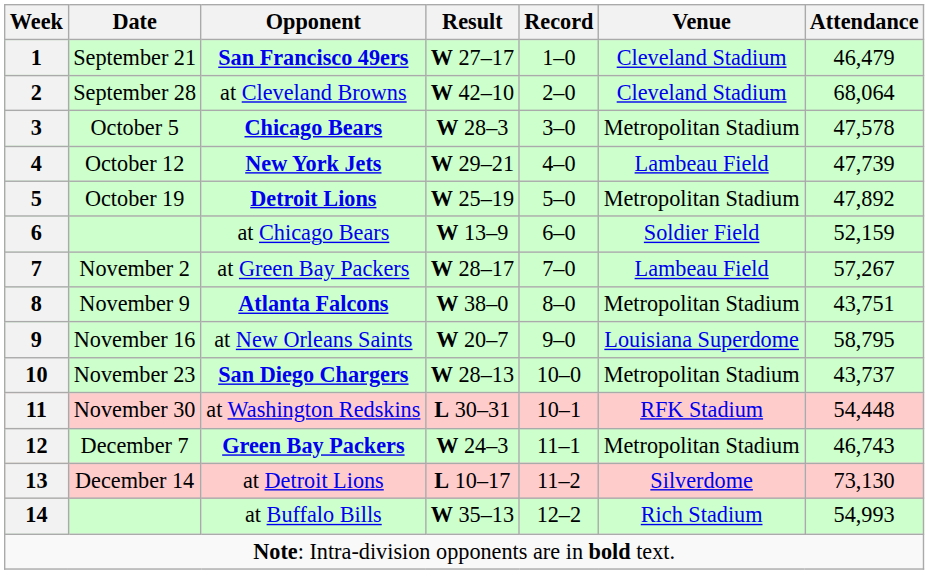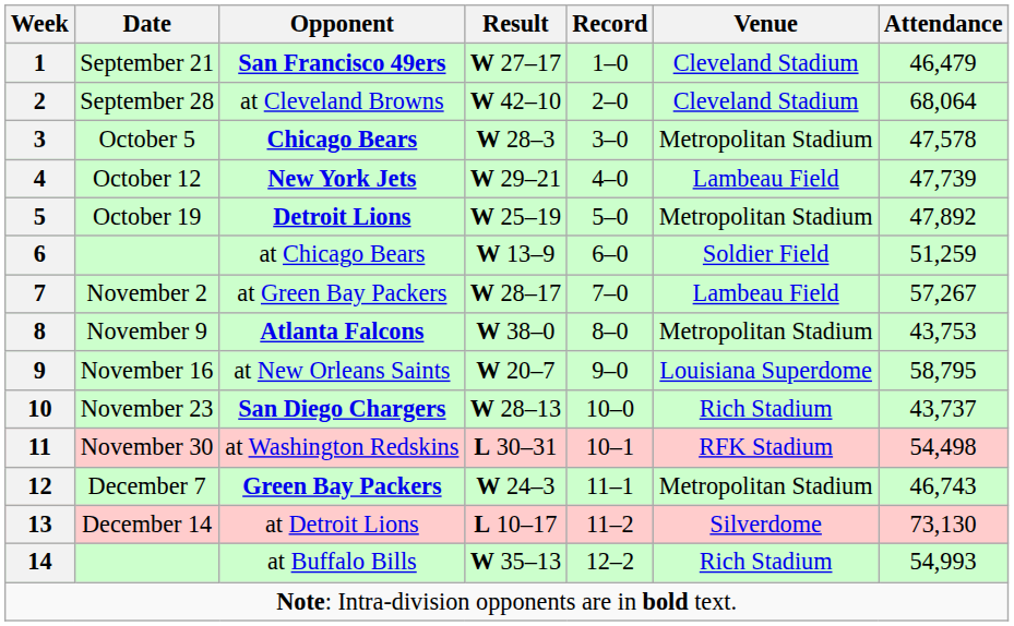 <table class="wikitable" style="text-align:center">
 <tr>
 <th>Week</th>
 <th>Date</th>
 <th>Opponent</th>
 <th>Result</th>
 <th>Record</th>
 <th>Venue</th>
 <th>Attendance</th>
 </tr>
 <tr style="background: #ccffcc">
 <th>1</th>
 <td>September 21</td>
 <td><strong><a href='#'>San Francisco 49ers</a></strong></td>
 <td><strong>W</strong> 27–17</td>
 <td>1–0</td>
 <td><a href='#'>Cleveland Stadium</a></td>
 <td>46,479</td>
 </tr>
 <tr style="background: #ccffcc">
 <th>2</th>
 <td>September 28</td>
 <td>at <a href='#'>Cleveland Browns</a></td>
 <td><strong>W</strong> 42–10</td>
 <td>2–0</td>
 <td><a href='#'>Cleveland Stadium</a></td>
 <td>68,064</td>
 </tr>
 <tr style="background: #ccffcc">
 <th>3</th>
 <td>October 5</td>
 <td><strong><a href='#'>Chicago Bears</a></strong></td>
 <td><strong>W</strong> 28–3</td>
 <td>3–0</td>
 <td>Metropolitan Stadium</td>
 <td>47,578</td>
 </tr>
 <tr style="background: #ccffcc">
 <th>4</th>
 <td>October 12</td>
 <td><strong><a href='#'>New York Jets</a></strong></td>
 <td><strong>W</strong> 29–21</td>
 <td>4–0</td>
 <td><a href='#'>Lambeau Field</a></td>
 <td>47,739</td>
 </tr>
 <tr style="background: #ccffcc">
 <th>5</th>
 <td>October 19</td>
 <td><strong><a href='#'>Detroit Lions</a></strong></td>
 <td><strong>W</strong> 25–19</td>
 <td>5–0</td>
 <td>Metropolitan Stadium</td>
 <td>47,892</td>
 </tr>
 <tr style="background: #ccffcc">
 <th>6</th>
 <td></td>
 <td>at <a href='#'>Chicago Bears</a></td>
 <td><strong>W</strong> 13–9</td>
 <td>6–0</td>
 <td><a href='#'>Soldier Field</a></td>
-<td>52,159</td>
+<td>51,259</td>
 </tr>
 <tr style="background: #ccffcc">
 <th>7</th>
 <td>November 2</td>
 <td>at <a href='#'>Green Bay Packers</a></td>
 <td><strong>W</strong> 28–17</td>
 <td>7–0</td>
 <td><a href='#'>Lambeau Field</a></td>
 <td>57,267</td>
 </tr>
 <tr style="background: #ccffcc">
 <th>8</th>
 <td>November 9</td>
 <td><strong><a href='#'>Atlanta Falcons</a></strong></td>
 <td><strong>W</strong> 38–0</td>
 <td>8–0</td>
 <td>Metropolitan Stadium</td>
-<td>43,751</td>
+<td>43,753</td>
 </tr>
 <tr style="background: #ccffcc">
 <th>9</th>
 <td>November 16</td>
 <td>at <a href='#'>New Orleans Saints</a></td>
 <td><strong>W</strong> 20–7</td>
 <td>9–0</td>
 <td><a href='#'>Louisiana Superdome</a></td>
 <td>58,795</td>
 </tr>
 <tr style="background: #ccffcc">
 <th>10</th>
 <td>November 23</td>
 <td><strong><a href='#'>San Diego Chargers</a></strong></td>
 <td><strong>W</strong> 28–13</td>
 <td>10–0</td>
-<td>Metropolitan Stadium</td>
+<td><a href='#'>Rich Stadium</a></td>
 <td>43,737</td>
 </tr>
 <tr style="background: #ffcccc">
 <th>11</th>
 <td>November 30</td>
 <td>at <a href='#'>Washington Redskins</a></td>
 <td><strong>L</strong> 30–31</td>
 <td>10–1</td>
 <td><a href='#'>RFK Stadium</a></td>
-<td>54,448</td>
+<td>54,498</td>
 </tr>
 <tr style="background: #ccffcc">
 <th>12</th>
 <td>December 7</td>
 <td><strong><a href='#'>Green Bay Packers</a></strong></td>
 <td><strong>W</strong> 24–3</td>
 <td>11–1</td>
 <td>Metropolitan Stadium</td>
 <td>46,743</td>
 </tr>
 <tr style="background: #ffcccc">
 <th>13</th>
 <td>December 14</td>
 <td>at <a href='#'>Detroit Lions</a></td>
 <td><strong>L</strong> 10–17</td>
 <td>11–2</td>
 <td><a href='#'>Silverdome</a></td>
 <td>73,130</td>
 </tr>
 <tr style="background: #ccffcc">
 <th>14</th>
 <td></td>
 <td>at <a href='#'>Buffalo Bills</a></td>
 <td><strong>W</strong> 35–13</td>
 <td>12–2</td>
 <td><a href='#'>Rich Stadium</a></td>
 <td>54,993</td>
 </tr>
 <tr>
 <td colspan="7"><strong>Note</strong>: Intra-division opponents are in <strong>bold</strong> text.</td>
 </tr>
 </table>
